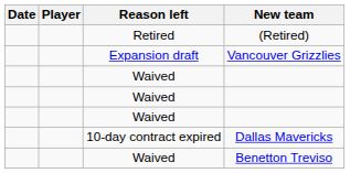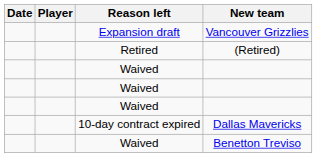 <table class="wikitable sortable">
 <tr>
 <th>Date</th>
 <th>Player</th>
 <th>Reason left</th>
 <th>New team</th>
 </tr>
 <tr style="text-align: center">
 <td></td>
 <td></td>
-<td>Retired</td>
-<td> (Retired)</td>
+<td><a href='#'>Expansion draft</a></td>
+<td><a href='#'>Vancouver Grizzlies</a></td>
 </tr>
 <tr style="text-align: center">
 <td></td>
 <td></td>
-<td><a href='#'>Expansion draft</a></td>
-<td><a href='#'>Vancouver Grizzlies</a></td>
+<td>Retired</td>
+<td> (Retired)</td>
 </tr>
 <tr style="text-align: center">
 <td></td>
 <td></td>
 <td>Waived</td>
 <td></td>
 </tr>
 <tr style="text-align: center">
 <td></td>
 <td></td>
 <td>Waived</td>
 <td></td>
 </tr>
 <tr style="text-align: center">
 <td></td>
 <td></td>
 <td>Waived</td>
 <td></td>
 </tr>
 <tr style="text-align: center">
 <td></td>
 <td></td>
 <td>10-day contract expired</td>
 <td><a href='#'>Dallas Mavericks</a></td>
 </tr>
 <tr style="text-align: center">
 <td></td>
 <td></td>
 <td>Waived</td>
 <td><a href='#'>Benetton Treviso</a></td>
 </tr>
 </table>
